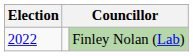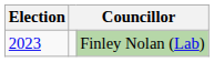 <table class="wikitable">
 <tr>
 <th>Election</th>
 <th colspan="2">Councillor</th>
 </tr>
 <tr>
-<td><a href='#'>2022</a></td>
+<td><a href='#'>2023</a></td>
 <td style="background-color: "></td>
 <td bgcolor="#B6D7A8">Finley Nolan (<a href='#'>Lab</a>)</td>
 </tr>
 </table>
